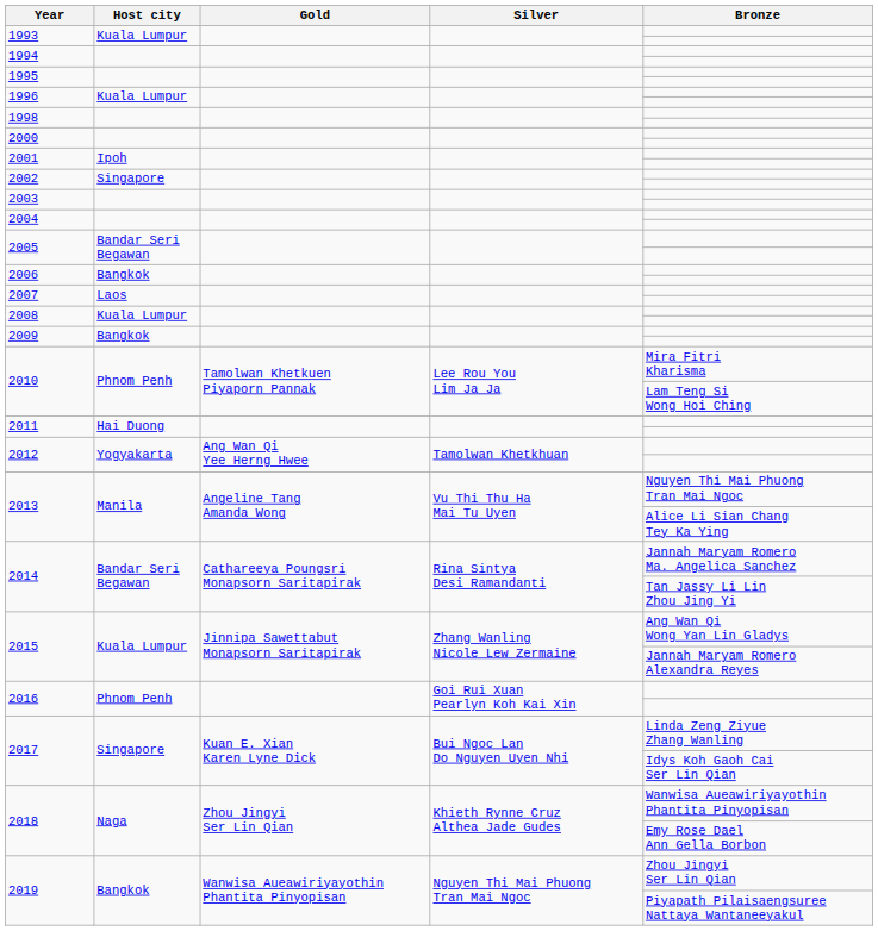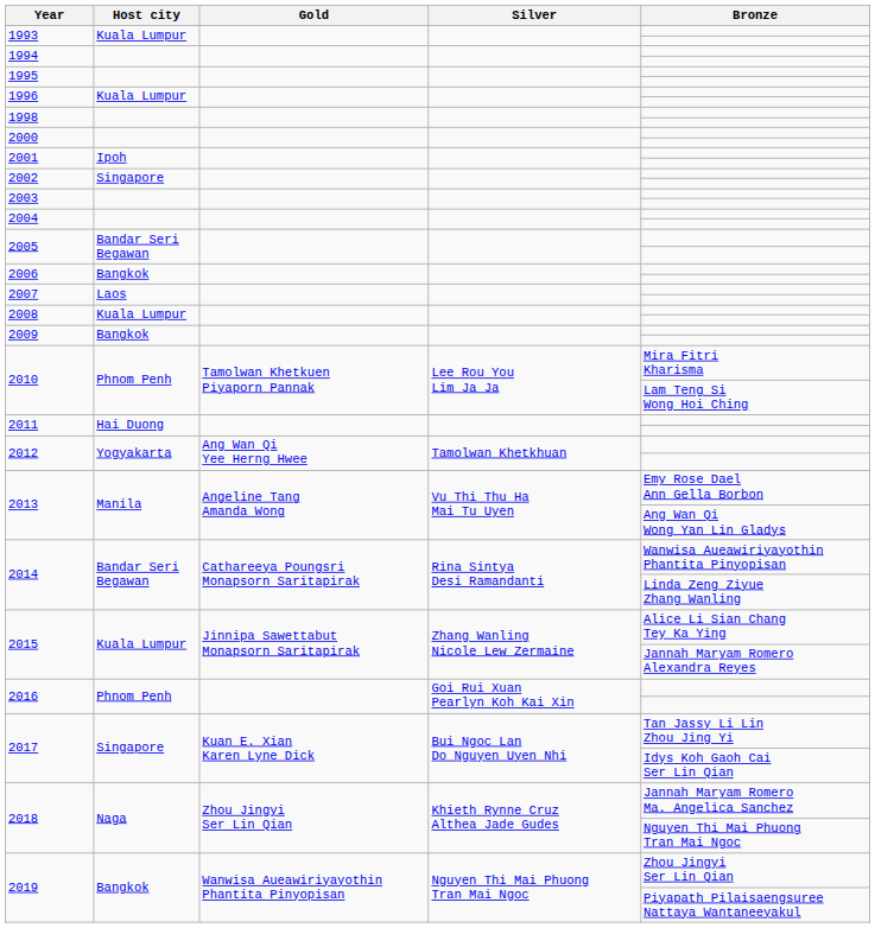 <table class="wikitable sortable" style="width:900px;">
 <tr>
 <th width="120">Year</th>
 <th width="120">Host city</th>
 <th width="300">Gold</th>
 <th width="300">Silver</th>
 <th width="300">Bronze</th>
 </tr>
 <tr>
 <td rowspan=2><a href='#'>1993</a></td>
 <td rowspan=2><a href='#'>Kuala Lumpur</a></td>
 <td rowspan=2></td>
 <td rowspan=2></td>
 <td></td>
 </tr>
 <tr>
 <td></td>
 </tr>
 <tr>
 <td rowspan=2><a href='#'>1994</a></td>
 <td rowspan=2></td>
 <td rowspan=2></td>
 <td rowspan=2></td>
 <td></td>
 </tr>
 <tr>
 <td></td>
 </tr>
 <tr>
 <td rowspan=2><a href='#'>1995</a></td>
 <td rowspan=2></td>
 <td rowspan=2></td>
 <td rowspan=2></td>
 <td></td>
 </tr>
 <tr>
 <td></td>
 </tr>
 <tr>
 <td rowspan=2><a href='#'>1996</a></td>
 <td rowspan=2><a href='#'>Kuala Lumpur</a></td>
 <td rowspan=2></td>
 <td rowspan=2></td>
 <td></td>
 </tr>
 <tr>
 <td></td>
 </tr>
 <tr>
 <td rowspan=2><a href='#'>1998</a></td>
 <td rowspan=2></td>
 <td rowspan=2></td>
 <td rowspan=2></td>
 <td></td>
 </tr>
 <tr>
 <td></td>
 </tr>
 <tr>
 <td rowspan=2><a href='#'>2000</a></td>
 <td rowspan=2></td>
 <td rowspan=2></td>
 <td rowspan=2></td>
 <td></td>
 </tr>
 <tr>
 <td></td>
 </tr>
 <tr>
 <td rowspan=2><a href='#'>2001</a></td>
 <td rowspan=2><a href='#'>Ipoh</a></td>
 <td rowspan=2></td>
 <td rowspan=2></td>
 <td></td>
 </tr>
 <tr>
 <td></td>
 </tr>
 <tr>
 <td rowspan=2><a href='#'>2002</a></td>
 <td rowspan=2><a href='#'>Singapore</a></td>
 <td rowspan=2></td>
 <td rowspan=2></td>
 <td></td>
 </tr>
 <tr>
 <td></td>
 </tr>
 <tr>
 <td rowspan=2><a href='#'>2003</a></td>
 <td rowspan=2></td>
 <td rowspan=2></td>
 <td rowspan=2></td>
 <td></td>
 </tr>
 <tr>
 <td></td>
 </tr>
 <tr>
 <td rowspan=2><a href='#'>2004</a></td>
 <td rowspan=2></td>
 <td rowspan=2></td>
 <td rowspan=2></td>
 <td></td>
 </tr>
 <tr>
 <td></td>
 </tr>
 <tr>
 <td rowspan=2><a href='#'>2005</a></td>
 <td rowspan=2><a href='#'>Bandar Seri Begawan</a></td>
 <td rowspan=2></td>
 <td rowspan=2></td>
 <td></td>
 </tr>
 <tr>
 <td></td>
 </tr>
 <tr>
 <td rowspan=2><a href='#'>2006</a></td>
 <td rowspan=2><a href='#'>Bangkok</a></td>
 <td rowspan=2></td>
 <td rowspan=2></td>
 <td></td>
 </tr>
 <tr>
 <td></td>
 </tr>
 <tr>
 <td rowspan=2><a href='#'>2007</a></td>
 <td rowspan=2><a href='#'>Laos</a></td>
 <td rowspan=2></td>
 <td rowspan=2></td>
 <td></td>
 </tr>
 <tr>
 <td></td>
 </tr>
 <tr>
 <td rowspan=2><a href='#'>2008</a></td>
 <td rowspan=2><a href='#'>Kuala Lumpur</a></td>
 <td rowspan=2></td>
 <td rowspan=2></td>
 <td></td>
 </tr>
 <tr>
 <td></td>
 </tr>
 <tr>
 <td rowspan=2><a href='#'>2009</a></td>
 <td rowspan=2><a href='#'>Bangkok</a></td>
 <td rowspan=2></td>
 <td rowspan=2></td>
 <td></td>
 </tr>
 <tr>
 <td></td>
 </tr>
 <tr>
 <td rowspan=2><a href='#'>2010</a></td>
 <td rowspan=2><a href='#'>Phnom Penh</a></td>
 <td rowspan=2> <a href='#'>Tamolwan Khetkuen</a><br> <a href='#'>Piyaporn Pannak</a></td>
 <td rowspan=2> <a href='#'>Lee Rou You</a><br> <a href='#'>Lim Ja Ja</a></td>
 <td> <a href='#'>Mira Fitri</a> <br> <a href='#'>Kharisma</a></td>
 </tr>
 <tr>
 <td> <a href='#'>Lam Teng Si</a><br> <a href='#'>Wong Hoi Ching</a></td>
 </tr>
 <tr>
 <td rowspan=2><a href='#'>2011</a></td>
 <td rowspan=2><a href='#'>Hai Duong</a></td>
 <td rowspan=2></td>
 <td rowspan=2></td>
 <td></td>
 </tr>
 <tr>
 <td></td>
 </tr>
 <tr>
 <td rowspan=2><a href='#'>2012</a></td>
 <td rowspan=2><a href='#'>Yogyakarta</a></td>
 <td rowspan=2> <a href='#'>Ang Wan Qi</a><br> <a href='#'>Yee Herng Hwee</a></td>
 <td rowspan=2><a href='#'>Tamolwan Khetkhuan</a><br></td>
 <td></td>
 </tr>
 <tr>
 <td></td>
 </tr>
 <tr>
 <td rowspan=2><a href='#'>2013</a></td>
 <td rowspan=2><a href='#'>Manila</a></td>
 <td rowspan=2> <a href='#'>Angeline Tang</a><br> <a href='#'>Amanda Wong</a></td>
 <td rowspan=2> <a href='#'>Vu Thi Thu Ha</a><br> <a href='#'>Mai Tu Uyen</a></td>
-<td> <a href='#'>Nguyen Thi Mai Phuong</a><br> <a href='#'>Tran Mai Ngoc</a></td>
+<td> <a href='#'>Emy Rose Dael</a> <br> <a href='#'>Ann Gella Borbon</a></td>
 </tr>
 <tr>
-<td> <a href='#'>Alice Li Sian Chang</a><br> <a href='#'>Tey Ka Ying</a></td>
+<td> <a href='#'>Ang Wan Qi</a><br> <a href='#'>Wong Yan Lin Gladys</a></td>
 </tr>
 <tr>
 <td rowspan=2><a href='#'>2014</a></td>
 <td rowspan=2><a href='#'>Bandar Seri Begawan</a></td>
 <td rowspan=2> <a href='#'>Cathareeya Poungsri</a><br> <a href='#'>Monapsorn Saritapirak</a></td>
 <td rowspan=2> <a href='#'>Rina Sintya</a><br> <a href='#'>Desi Ramandanti</a></td>
-<td> <a href='#'>Jannah Maryam Romero</a> <br> <a href='#'>Ma. Angelica Sanchez</a></td>
+<td> <a href='#'>Wanwisa Aueawiriyayothin</a><br> <a href='#'>Phantita Pinyopisan</a></td>
 </tr>
 <tr>
-<td> <a href='#'>Tan Jassy Li Lin</a><br> <a href='#'>Zhou Jing Yi</a></td>
+<td> <a href='#'>Linda Zeng Ziyue</a><br> <a href='#'>Zhang Wanling</a></td>
 </tr>
 <tr>
 <td rowspan=2><a href='#'>2015</a></td>
 <td rowspan=2><a href='#'>Kuala Lumpur</a></td>
 <td rowspan=2> <a href='#'>Jinnipa Sawettabut</a><br> <a href='#'>Monapsorn Saritapirak</a></td>
 <td rowspan=2> <a href='#'>Zhang Wanling</a><br> <a href='#'>Nicole Lew Zermaine</a></td>
-<td> <a href='#'>Ang Wan Qi</a><br> <a href='#'>Wong Yan Lin Gladys</a></td>
+<td> <a href='#'>Alice Li Sian Chang</a><br> <a href='#'>Tey Ka Ying</a></td>
 </tr>
 <tr>
 <td> <a href='#'>Jannah Maryam Romero</a><br> <a href='#'>Alexandra Reyes</a></td>
 </tr>
 <tr>
 <td rowspan=2><a href='#'>2016</a></td>
 <td rowspan=2><a href='#'>Phnom Penh</a></td>
 <td rowspan=2></td>
 <td rowspan=2> <a href='#'>Goi Rui Xuan</a><br> <a href='#'>Pearlyn Koh Kai Xin</a></td>
 <td></td>
 </tr>
 <tr>
 <td></td>
 </tr>
 <tr>
 <td rowspan=2><a href='#'>2017</a></td>
 <td rowspan=2><a href='#'>Singapore</a></td>
 <td rowspan=2> <a href='#'>Kuan E. Xian</a><br> <a href='#'>Karen Lyne Dick</a></td>
 <td rowspan=2> <a href='#'>Bui Ngoc Lan</a><br> <a href='#'>Do Nguyen Uyen Nhi</a></td>
-<td> <a href='#'>Linda Zeng Ziyue</a><br> <a href='#'>Zhang Wanling</a></td>
+<td> <a href='#'>Tan Jassy Li Lin</a><br> <a href='#'>Zhou Jing Yi</a></td>
 </tr>
 <tr>
 <td> <a href='#'>Idys Koh Gaoh Cai</a><br> <a href='#'>Ser Lin Qian</a></td>
 </tr>
 <tr>
 <td rowspan=2><a href='#'>2018</a></td>
 <td rowspan=2><a href='#'>Naga</a></td>
 <td rowspan=2> <a href='#'>Zhou Jingyi</a><br> <a href='#'>Ser Lin Qian</a></td>
 <td rowspan=2> <a href='#'>Khieth Rynne Cruz</a><br> <a href='#'>Althea Jade Gudes</a></td>
-<td> <a href='#'>Wanwisa Aueawiriyayothin</a><br> <a href='#'>Phantita Pinyopisan</a></td>
+<td> <a href='#'>Jannah Maryam Romero</a> <br> <a href='#'>Ma. Angelica Sanchez</a></td>
 </tr>
 <tr>
-<td> <a href='#'>Emy Rose Dael</a> <br> <a href='#'>Ann Gella Borbon</a></td>
+<td> <a href='#'>Nguyen Thi Mai Phuong</a><br> <a href='#'>Tran Mai Ngoc</a></td>
 </tr>
 <tr>
 <td rowspan=2><a href='#'>2019</a></td>
 <td rowspan=2><a href='#'>Bangkok</a></td>
 <td rowspan=2> <a href='#'>Wanwisa Aueawiriyayothin</a><br> <a href='#'>Phantita Pinyopisan</a></td>
 <td rowspan=2> <a href='#'>Nguyen Thi Mai Phuong</a><br> <a href='#'>Tran Mai Ngoc</a></td>
 <td> <a href='#'>Zhou Jingyi</a><br> <a href='#'>Ser Lin Qian</a></td>
 </tr>
 <tr>
 <td> <a href='#'>Piyapath Pilaisaengsuree</a><br> <a href='#'>Nattaya Wantaneeyakul</a></td>
 </tr>
 </table>
